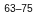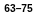 <table style="text-align:center">
 <tr>
 <th width=200></th>
 <th width=100></th>
 <th width=200></th>
 </tr>
 <tr>
 <td align=right></td>
-<td>63–75</td>
+<td><strong>63–75</strong></td>
 <td align=left></td>
 </tr>
 </table>
